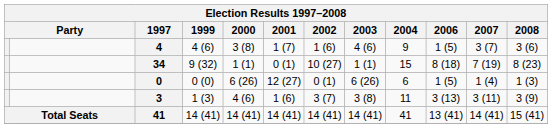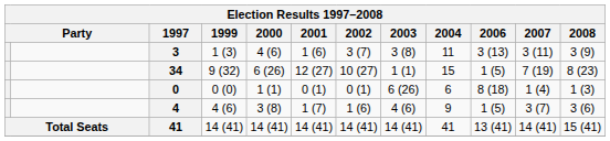 <table class="wikitable" style="font-size: 95%;">
 <tr>
 <th colspan="12">Election Results 1997–2008</th>
 </tr>
 <tr>
 <th colspan="2">Party</th>
 <th align="center">1997</th>
 <th style="width: 50px">1999</th>
 <th style="width: 50px">2000</th>
 <th style="width: 50px">2001</th>
 <th style="width: 50px">2002</th>
 <th style="width: 50px">2003</th>
 <th style="width: 50px">2004</th>
 <th style="width: 50px">2006</th>
 <th style="width: 50px">2007</th>
 <th style="width: 50px">2008</th>
 </tr>
 <tr>
 <th style="background-color: "></th>
+<td style="width: 170px"></td>
+<th align="center">3</th>
+<td align="center">1 (3)</td>
+<td align="center">4 (6)</td>
+<td align="center">1 (6)</td>
+<td align="center">3 (7)</td>
+<td align="center">3 (8)</td>
+<td align="center">11</td>
+<td align="center">3 (13)</td>
+<td align="center">3 (11)</td>
+<td align="center">3 (9)</td>
+</tr>
+<tr>
+<th style="background-color: "></th>
+<td style="width: 170px"><a href='#'></a></td>
+<th align="center">34</th>
+<td align="center">9 (32)</td>
+<td align="center">6 (26)</td>
+<td align="center">12 (27)</td>
+<td align="center">10 (27)</td>
+<td align="center">1 (1)</td>
+<td align="center">15</td>
+<td align="center">1 (5)</td>
+<td align="center">7 (19)</td>
+<td align="center">8 (23)</td>
+</tr>
+<tr>
+<th style="background-color: "></th>
+<td style="width: 170px"><a href='#'></a></td>
+<th align="center">0</th>
+<td align="center">0 (0)</td>
+<td align="center">1 (1)</td>
+<td align="center">0 (1)</td>
+<td align="center">0 (1)</td>
+<td align="center">6 (26)</td>
+<td align="center">6</td>
+<td align="center">8 (18)</td>
+<td align="center">1 (4)</td>
+<td align="center">1 (3)</td>
+</tr>
+<tr>
+<th style="background-color: "></th>
 <td style="width: 170px"><a href='#'></a></td>
 <th align="center">4</th>
 <td align="center">4 (6)</td>
 <td align="center">3 (8)</td>
 <td align="center">1 (7)</td>
 <td align="center">1 (6)</td>
 <td align="center">4 (6)</td>
 <td align="center">9</td>
 <td align="center">1 (5)</td>
 <td align="center">3 (7)</td>
 <td align="center">3 (6)</td>
-</tr>
-<tr>
-<th style="background-color: "></th>
-<td style="width: 170px"><a href='#'></a></td>
-<th align="center">34</th>
-<td align="center">9 (32)</td>
-<td align="center">1 (1)</td>
-<td align="center">0 (1)</td>
-<td align="center">10 (27)</td>
-<td align="center">1 (1)</td>
-<td align="center">15</td>
-<td align="center">8 (18)</td>
-<td align="center">7 (19)</td>
-<td align="center">8 (23)</td>
-</tr>
-<tr>
-<th style="background-color: "></th>
-<td style="width: 170px"><a href='#'></a></td>
-<th align="center">0</th>
-<td align="center">0 (0)</td>
-<td align="center">6 (26)</td>
-<td align="center">12 (27)</td>
-<td align="center">0 (1)</td>
-<td align="center">6 (26)</td>
-<td align="center">6</td>
-<td align="center">1 (5)</td>
-<td align="center">1 (4)</td>
-<td align="center">1 (3)</td>
-</tr>
-<tr>
-<th style="background-color: "></th>
-<td style="width: 170px"></td>
-<th align="center">3</th>
-<td align="center">1 (3)</td>
-<td align="center">4 (6)</td>
-<td align="center">1 (6)</td>
-<td align="center">3 (7)</td>
-<td align="center">3 (8)</td>
-<td align="center">11</td>
-<td align="center">3 (13)</td>
-<td align="center">3 (11)</td>
-<td align="center">3 (9)</td>
 </tr>
 <tr>
 <th colspan="2">Total Seats</th>
 <th style="width: 60px">41</th>
 <td align="center">14 (41)</td>
 <td align="center">14 (41)</td>
 <td align="center">14 (41)</td>
 <td align="center">14 (41)</td>
 <td align="center">14 (41)</td>
 <td align="center">41</td>
 <td align="center">13 (41)</td>
 <td align="center">14 (41)</td>
 <td align="center">15 (41)</td>
 </tr>
 <tr>
 </tr>
 </table>
